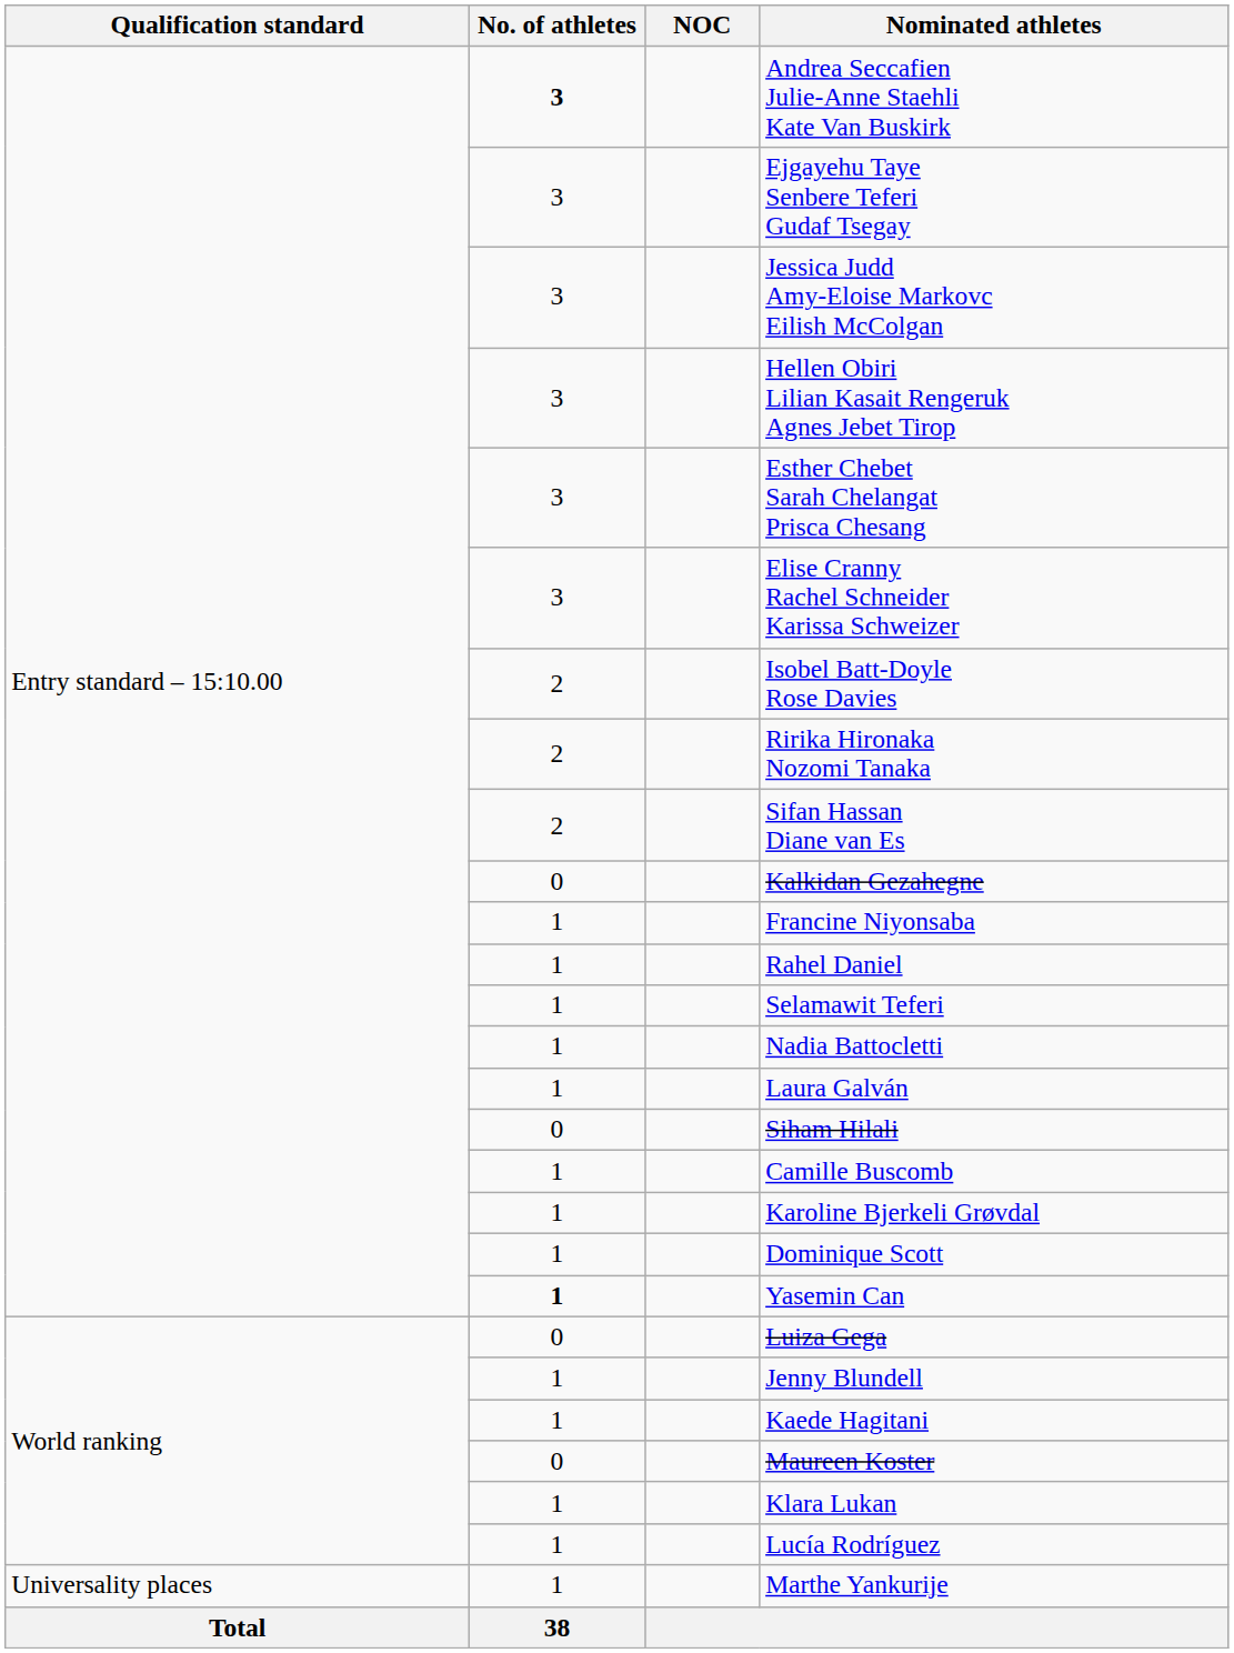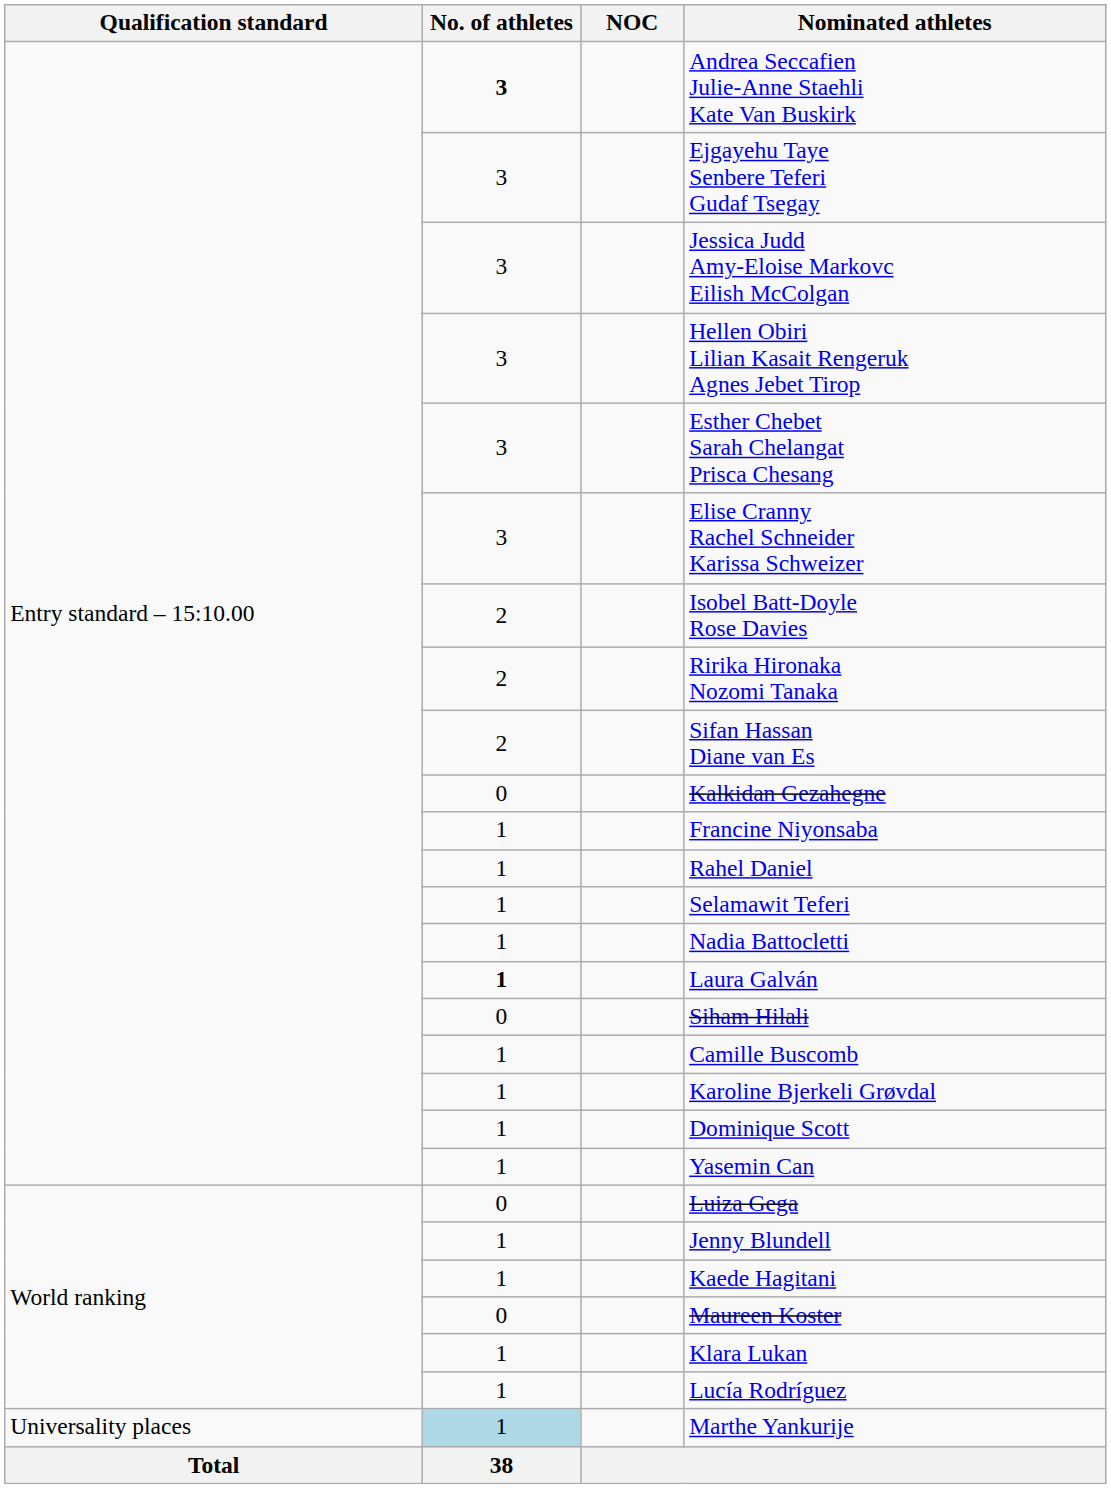 <table class="wikitable" style="text-align:left; width:750px;">
 <tr>
 <th>Qualification standard</th>
 <th width=100>No. of athletes</th>
 <th>NOC</th>
 <th>Nominated athletes</th>
 </tr>
 <tr>
 <td rowspan="20">Entry standard – 15:10.00</td>
 <td align=center><strong>3</strong></td>
 <td></td>
 <td><a href='#'>Andrea Seccafien</a><br><a href='#'>Julie-Anne Staehli</a><br><a href='#'>Kate Van Buskirk</a></td>
 </tr>
 <tr>
 <td align=center>3</td>
 <td></td>
 <td><a href='#'>Ejgayehu Taye</a><br><a href='#'>Senbere Teferi</a><br><a href='#'>Gudaf Tsegay</a></td>
 </tr>
 <tr>
 <td align=center>3</td>
 <td></td>
 <td><a href='#'>Jessica Judd</a><br><a href='#'>Amy-Eloise Markovc</a><br><a href='#'>Eilish McColgan</a></td>
 </tr>
 <tr>
 <td align=center>3</td>
 <td></td>
 <td><a href='#'>Hellen Obiri</a><br><a href='#'>Lilian Kasait Rengeruk</a><br><a href='#'>Agnes Jebet Tirop</a></td>
 </tr>
 <tr>
 <td align=center>3</td>
 <td></td>
 <td><a href='#'>Esther Chebet</a><br><a href='#'>Sarah Chelangat</a><br><a href='#'>Prisca Chesang</a></td>
 </tr>
 <tr>
 <td align=center>3</td>
 <td></td>
 <td><a href='#'>Elise Cranny</a><br><a href='#'>Rachel Schneider</a><br><a href='#'>Karissa Schweizer</a></td>
 </tr>
 <tr>
 <td align=center>2</td>
 <td></td>
 <td><a href='#'>Isobel Batt-Doyle</a><br><a href='#'>Rose Davies</a></td>
 </tr>
 <tr>
 <td align=center>2</td>
 <td></td>
 <td><a href='#'>Ririka Hironaka</a><br><a href='#'>Nozomi Tanaka</a></td>
 </tr>
 <tr>
 <td align=center>2</td>
 <td></td>
 <td><a href='#'>Sifan Hassan</a><br><a href='#'>Diane van Es</a></td>
 </tr>
 <tr>
 <td align=center>0</td>
 <td></td>
 <td><s><a href='#'>Kalkidan Gezahegne</a></s></td>
 </tr>
 <tr>
 <td align=center>1</td>
 <td></td>
 <td><a href='#'>Francine Niyonsaba</a></td>
 </tr>
 <tr>
 <td align=center>1</td>
 <td></td>
 <td><a href='#'>Rahel Daniel</a></td>
 </tr>
 <tr>
 <td align=center>1</td>
 <td></td>
 <td><a href='#'>Selamawit Teferi</a></td>
 </tr>
 <tr>
 <td align=center>1</td>
 <td></td>
 <td><a href='#'>Nadia Battocletti</a></td>
 </tr>
 <tr>
-<td align=center>1</td>
+<td align=center><strong>1</strong></td>
 <td></td>
 <td><a href='#'>Laura Galván</a></td>
 </tr>
 <tr>
 <td align=center>0</td>
 <td></td>
 <td><s><a href='#'>Siham Hilali</a></s></td>
 </tr>
 <tr>
 <td align=center>1</td>
 <td></td>
 <td><a href='#'>Camille Buscomb</a></td>
 </tr>
 <tr>
 <td align=center>1</td>
 <td></td>
 <td><a href='#'>Karoline Bjerkeli Grøvdal</a></td>
 </tr>
 <tr>
 <td align=center>1</td>
 <td></td>
 <td><a href='#'>Dominique Scott</a></td>
 </tr>
 <tr>
-<td align=center><strong>1</strong></td>
+<td align=center>1</td>
 <td></td>
 <td><a href='#'>Yasemin Can</a></td>
 </tr>
 <tr>
 <td rowspan=6>World ranking</td>
 <td align=center>0</td>
 <td></td>
 <td><s><a href='#'>Luiza Gega</a></s></td>
 </tr>
 <tr>
 <td align=center>1</td>
 <td></td>
 <td><a href='#'>Jenny Blundell</a></td>
 </tr>
 <tr>
 <td align=center>1</td>
 <td></td>
 <td><a href='#'>Kaede Hagitani</a></td>
 </tr>
 <tr>
 <td align=center>0</td>
 <td></td>
 <td><s><a href='#'>Maureen Koster</a></s></td>
 </tr>
 <tr>
 <td align=center>1</td>
 <td></td>
 <td><a href='#'>Klara Lukan</a></td>
 </tr>
 <tr>
 <td align=center>1</td>
 <td></td>
 <td><a href='#'>Lucía Rodríguez</a></td>
 </tr>
 <tr>
 <td>Universality places</td>
-<td align=center>1</td>
+<td align=center style="background: lightblue;">1</td>
 <td></td>
 <td><a href='#'>Marthe Yankurije</a></td>
 </tr>
 <tr>
 <th>Total</th>
 <th>38</th>
 <th colspan=2></th>
 </tr>
 </table>
